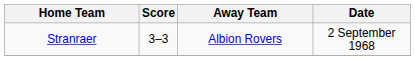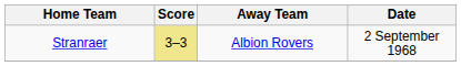 <table class="wikitable" style="text-align:center;">
 <tr>
 <th width=175>Home Team</th>
 <th width=20>Score</th>
 <th width=175>Away Team</th>
 <th width= 125>Date</th>
 </tr>
 <tr>
 <td><a href='#'>Stranraer</a></td>
-<td>3–3</td>
+<td style="background: khaki;">3–3</td>
 <td><a href='#'>Albion Rovers</a></td>
 <td>2 September 1968</td>
 </tr>
 <tr>
 </tr>
 </table>
